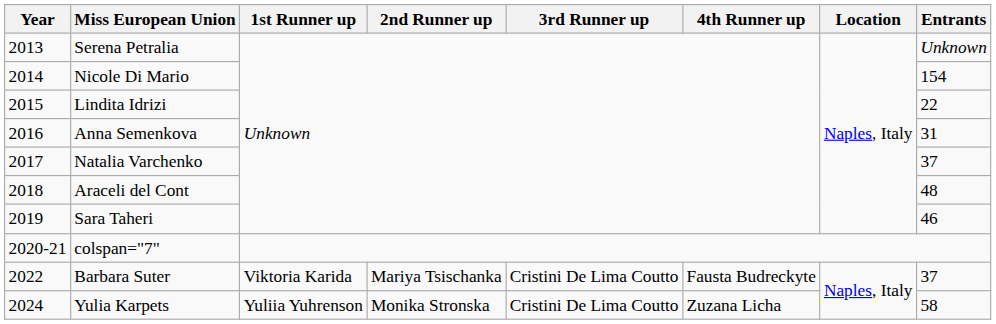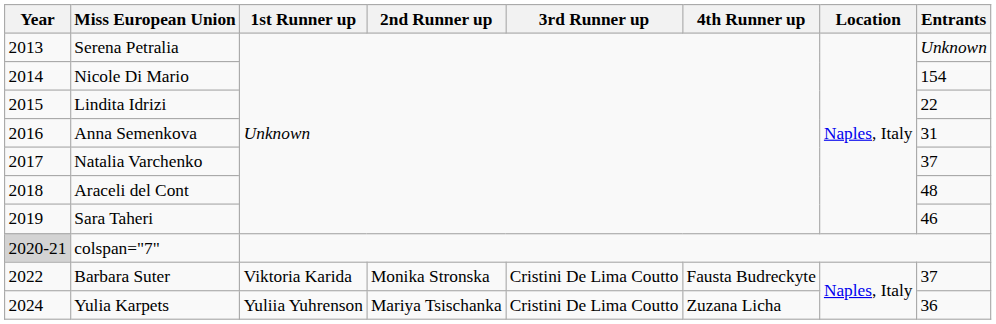 <table class="wikitable" style="font-size: 95%;">
 <tr>
 <th>Year</th>
 <th>Miss European Union</th>
 <th>1st Runner up</th>
 <th>2nd Runner up</th>
 <th>3rd Runner up</th>
 <th>4th Runner up</th>
 <th>Location</th>
 <th>Entrants</th>
 </tr>
 <tr>
 <td>2013</td>
 <td>Serena Petralia<br></td>
 <td colspan="4" rowspan="7"><em>Unknown</em></td>
 <td rowspan="7"><a href='#'>Naples</a>, Italy</td>
 <td><em>Unknown</em></td>
 </tr>
 <tr>
 <td>2014</td>
 <td>Nicole Di Mario<br></td>
 <td>154</td>
 </tr>
 <tr>
 <td>2015</td>
 <td>Lindita Idrizi<br></td>
 <td>22</td>
 </tr>
 <tr>
 <td>2016</td>
 <td>Anna Semenkova<br></td>
 <td>31</td>
 </tr>
 <tr>
 <td>2017</td>
 <td>Natalia Varchenko<br></td>
 <td>37</td>
 </tr>
 <tr>
 <td>2018</td>
 <td>Araceli del Cont<br></td>
 <td>48</td>
 </tr>
 <tr>
 <td>2019</td>
 <td>Sara Taheri<br></td>
 <td>46</td>
 </tr>
 <tr>
-<td>2020-21</td>
+<td style="background: lightgrey;">2020-21</td>
 <td>colspan="7" </td>
 </tr>
 <tr>
 <td>2022</td>
 <td>Barbara Suter<br></td>
 <td>Viktoria Karida<br></td>
-<td>Mariya Tsischanka<br></td>
+<td>Monika Stronska<br></td>
 <td>Cristini De Lima Coutto<br></td>
 <td>Fausta Budreckyte<br></td>
 <td rowspan="2"><a href='#'>Naples</a>, Italy</td>
 <td>37</td>
 </tr>
 <tr>
 <td>2024</td>
 <td>Yulia Karpets<br></td>
 <td>Yuliia Yuhrenson<br></td>
-<td>Monika Stronska<br></td>
+<td>Mariya Tsischanka<br></td>
 <td>Cristini De Lima Coutto<br></td>
 <td>Zuzana Licha<br></td>
-<td>58</td>
+<td>36</td>
 </tr>
 </table>
